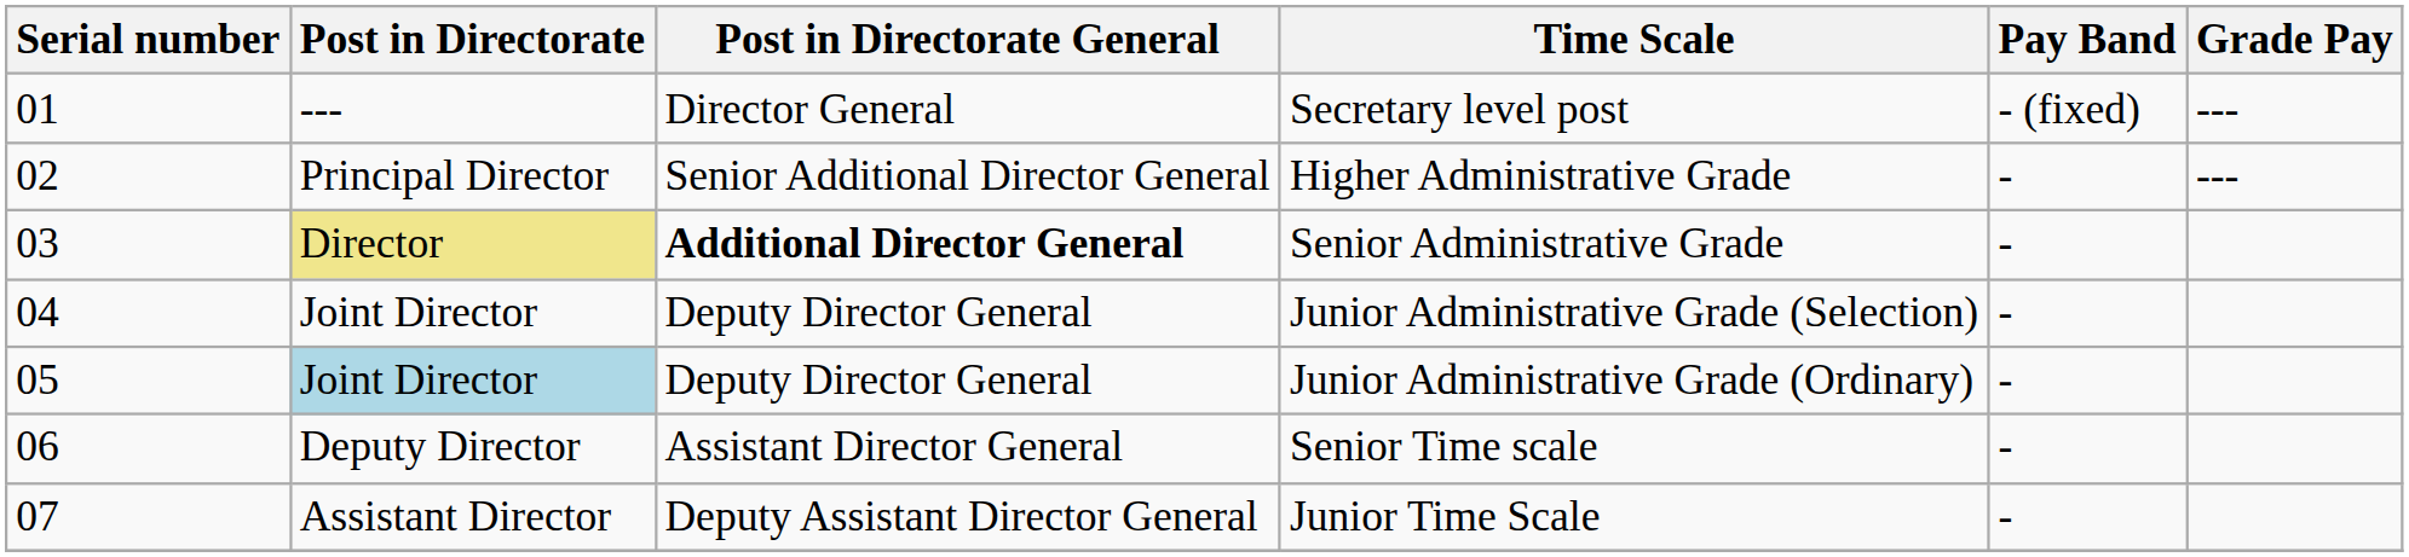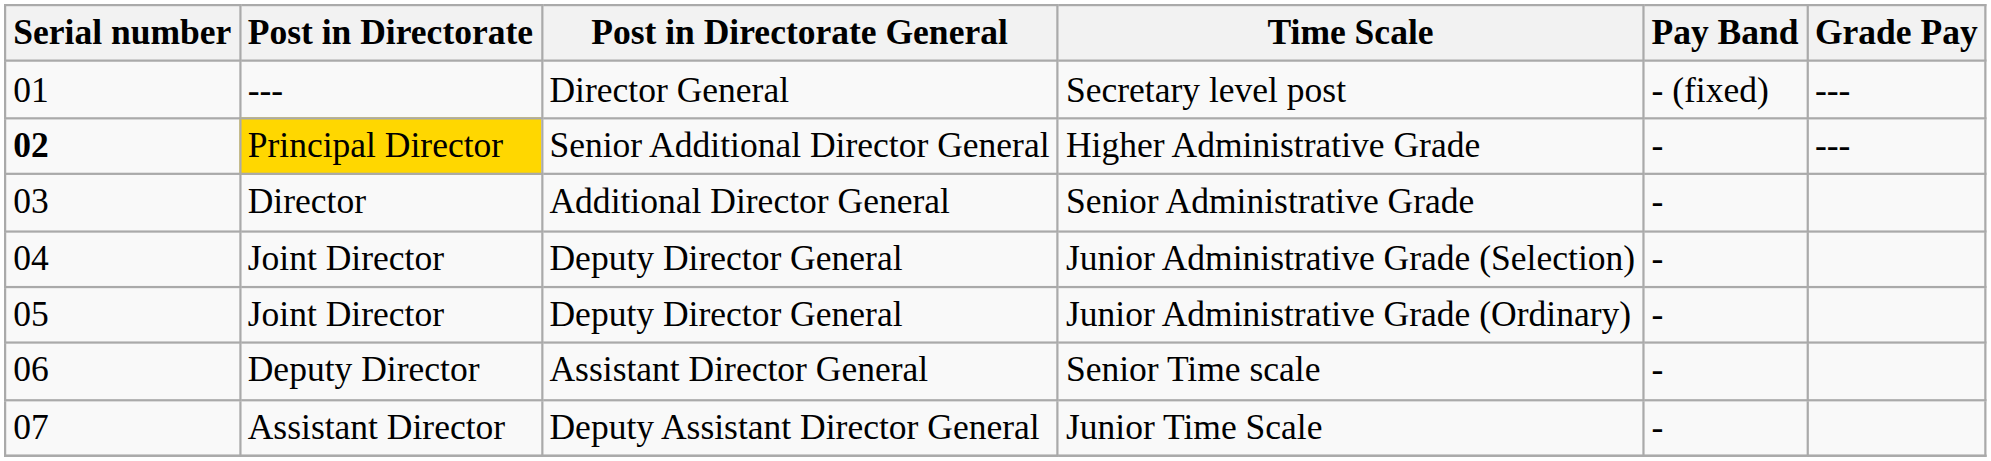 <table class="wikitable sortable">
 <tr>
 <th>Serial number</th>
 <th>Post in Directorate</th>
 <th>Post in Directorate General</th>
 <th>Time Scale</th>
 <th>Pay Band</th>
 <th>Grade Pay</th>
 </tr>
 <tr>
 <td>01</td>
 <td>---</td>
 <td>Director General</td>
 <td>Secretary level post</td>
 <td>- (fixed)</td>
 <td>---</td>
 </tr>
 <tr>
-<td>02</td>
-<td>Principal Director</td>
+<td><strong>02</strong></td>
+<td style="background: gold;">Principal Director</td>
 <td>Senior Additional Director General</td>
 <td>Higher Administrative Grade</td>
 <td>-</td>
 <td>---</td>
 </tr>
 <tr>
 <td>03</td>
-<td style="background: khaki;">Director</td>
-<td><strong>Additional Director General</strong></td>
+<td>Director</td>
+<td>Additional Director General</td>
 <td>Senior Administrative Grade</td>
 <td>-</td>
 <td></td>
 </tr>
 <tr>
 <td>04</td>
 <td>Joint Director</td>
 <td>Deputy Director General</td>
 <td>Junior Administrative Grade (Selection)</td>
 <td>-</td>
 <td></td>
 </tr>
 <tr>
 <td>05</td>
-<td style="background: lightblue;">Joint Director</td>
+<td>Joint Director</td>
 <td>Deputy Director General</td>
 <td>Junior Administrative Grade (Ordinary)</td>
 <td>-</td>
 <td></td>
 </tr>
 <tr>
 <td>06</td>
 <td>Deputy Director</td>
 <td>Assistant Director General</td>
 <td>Senior Time scale</td>
 <td>-</td>
 <td></td>
 </tr>
 <tr>
 <td>07</td>
 <td>Assistant Director</td>
 <td>Deputy Assistant Director General</td>
 <td>Junior Time Scale</td>
 <td>-</td>
 <td></td>
 </tr>
 <tr>
 </tr>
 </table>
